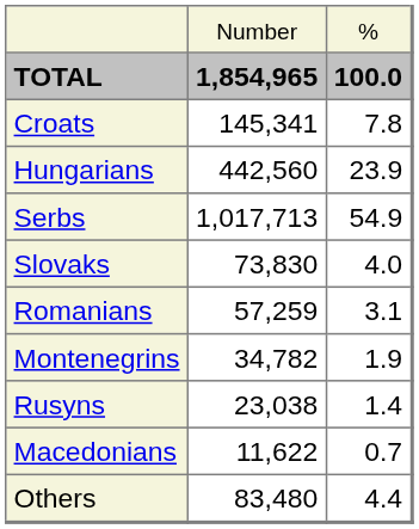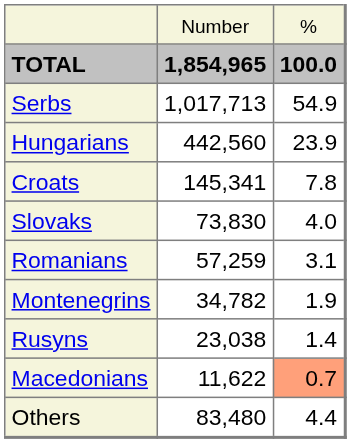 <table border=1 cellpadding=4 cellspacing=0 class="toccolours" style="align: left; margin: 0.5em 0 0 0; border-style: solid; border: 1px solid #7f7f7f; border-right-width: 2px; border-bottom-width: 2px; border-collapse: collapse; font-size: 95%;">
 <tr>
 <td style="background:#F5F5DC;"></td>
 <td style="background:#F5F5DC;" align="center"><small>Number</small></td>
 <td style="background:#F5F5DC;" align="center"><small>%</small></td>
 </tr>
 <tr>
 <td style="background:#c1c1c1;"><strong>TOTAL</strong></td>
 <td colspan=1 style="background:#c1c1c1;" align="center"><strong>1,854,965</strong></td>
 <td colspan=1 style="background:#c1c1c1;" align="center"><strong>100.0</strong></td>
 </tr>
 <tr>
-<td style="background:#F5F5DC;"><a href='#'>Croats</a></td>
-<td align="right">145,341</td>
-<td align="right">7.8</td>
+<td style="background:#F5F5DC;"><a href='#'>Serbs</a></td>
+<td align="right">1,017,713</td>
+<td align="right">54.9</td>
 </tr>
 <tr>
 <td style="background:#F5F5DC;"><a href='#'>Hungarians</a></td>
 <td align="right">442,560</td>
 <td align="right">23.9</td>
 </tr>
 <tr>
-<td style="background:#F5F5DC;"><a href='#'>Serbs</a></td>
-<td align="right">1,017,713</td>
-<td align="right">54.9</td>
+<td style="background:#F5F5DC;"><a href='#'>Croats</a></td>
+<td align="right">145,341</td>
+<td align="right">7.8</td>
 </tr>
 <tr>
 <td style="background:#F5F5DC;"><a href='#'>Slovaks</a></td>
 <td align="right">73,830</td>
 <td align="right">4.0</td>
 </tr>
 <tr>
 <td style="background:#F5F5DC;"><a href='#'>Romanians</a></td>
 <td align="right">57,259</td>
 <td align="right">3.1</td>
 </tr>
 <tr>
 <td style="background:#F5F5DC;"><a href='#'>Montenegrins</a></td>
 <td align="right">34,782</td>
 <td align="right">1.9</td>
 </tr>
 <tr>
 <td style="background:#F5F5DC;"><a href='#'>Rusyns</a></td>
 <td align="right">23,038</td>
 <td align="right">1.4</td>
 </tr>
 <tr>
 <td style="background:#F5F5DC;"><a href='#'>Macedonians</a></td>
 <td align="right">11,622</td>
-<td align="right">0.7</td>
+<td align="right" style="background: lightsalmon;">0.7</td>
 </tr>
 <tr>
 <td style="background:#F5F5DC;">Others</td>
 <td align="right">83,480</td>
 <td align="right">4.4</td>
 </tr>
 </table>
